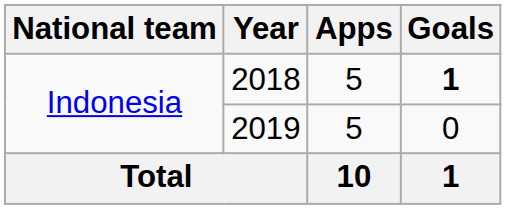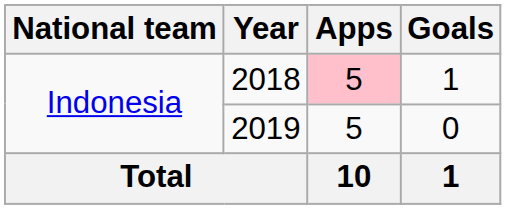 <table class="wikitable" style="text-align:center">
 <tr>
 <th>National team</th>
 <th>Year</th>
 <th>Apps</th>
 <th>Goals</th>
 </tr>
 <tr>
 <td rowspan=2><a href='#'>Indonesia</a></td>
 <td>2018</td>
-<td>5</td>
-<td><strong>1</strong></td>
+<td style="background: pink;">5</td>
+<td>1</td>
 </tr>
 <tr>
 <td>2019</td>
 <td>5</td>
 <td>0</td>
 </tr>
 <tr>
 <th colspan=2>Total</th>
 <th>10</th>
 <th>1</th>
 </tr>
 </table>
